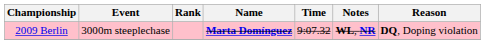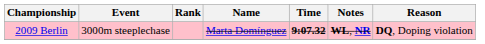 <table class="wikitable" style="text-align:center">
 <tr>
 <th>Championship</th>
 <th>Event</th>
 <th>Rank</th>
 <th>Name</th>
 <th>Time</th>
 <th>Notes</th>
 <th>Reason</th>
 </tr>
 <tr bgcolor="pink">
 <td><a href='#'>2009 Berlin</a></td>
 <td>3000m steeplechase</td>
 <td><s></s></td>
-<td align=left><strong><s><a href='#'>Marta Domínguez</a></s></strong></td>
-<td><s>9:07.32</s></td>
+<td align=left><s><a href='#'>Marta Domínguez</a></s></td>
+<td><strong><s>9:07.32</s></strong></td>
 <td><s> <strong>WL</strong>, <strong><a href='#'>NR</a></strong></s></td>
 <td><strong>DQ</strong>, Doping violation</td>
 </tr>
 <tr>
 </tr>
 </table>
